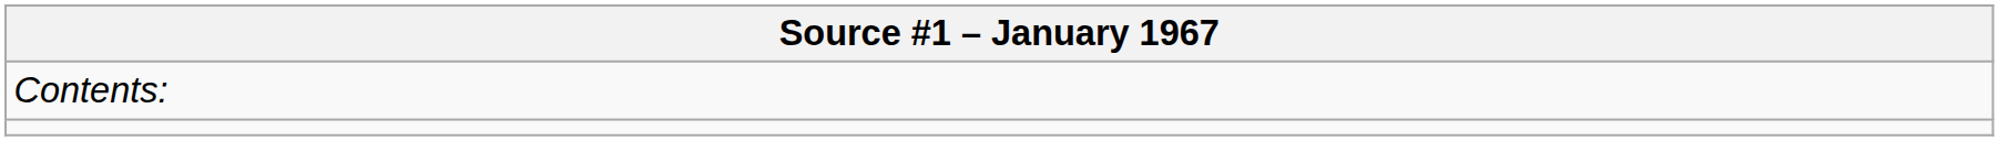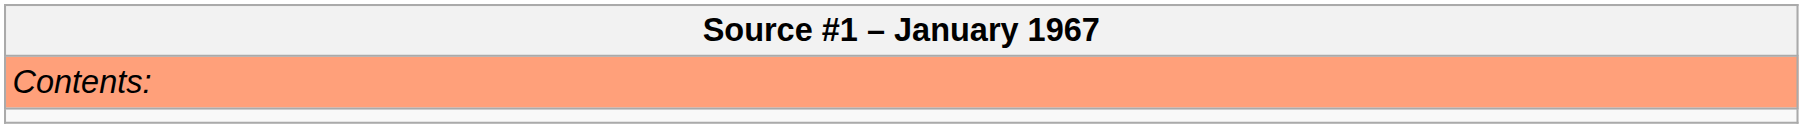 <table class="wikitable" style="width:100%;">
 <tr>
 <th><strong>Source #1</strong> – January 1967</th>
 </tr>
 <tr>
-<td><em>Contents:</em></td>
+<td style="background: lightsalmon;"><em>Contents:</em></td>
 </tr>
 <tr>
 <td></td>
 </tr>
 </table>
